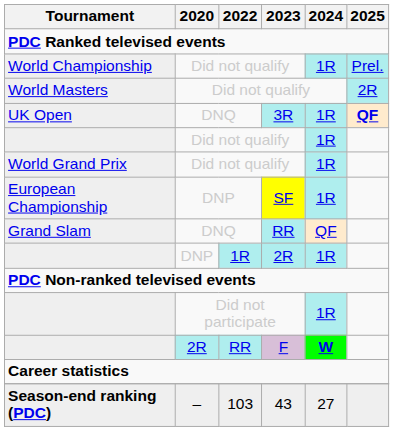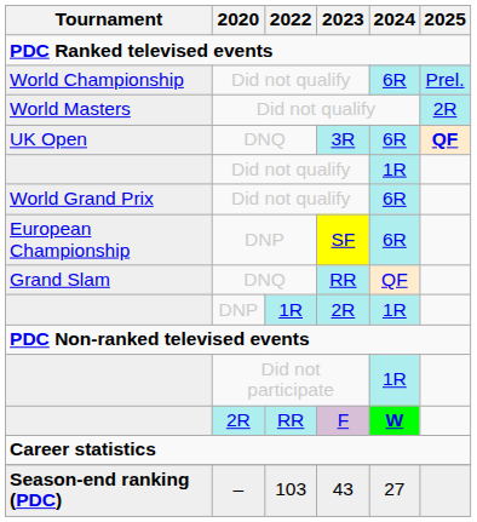 <table class="wikitable" style="width:20%; margin:0">
 <tr>
 <th>Tournament</th>
 <th>2020</th>
 <th>2022</th>
 <th>2023</th>
 <th>2024</th>
 <th>2025</th>
 </tr>
 <tr>
 <td colspan="7" style="text-align:left"><strong><a href='#'>PDC</a> Ranked televised events</strong></td>
 </tr>
 <tr>
 <td style="background:#efefef;"><a href='#'>World Championship</a></td>
 <td colspan="3" style="text-align:center; color:#ccc;">Did not qualify</td>
-<td style="text-align:center; background:#afeeee;"><a href='#'>1R</a></td>
+<td style="text-align:center; background:#afeeee;"><a href='#'>6R</a></td>
 <td style="text-align:center; background:#afeeee;"><a href='#'>Prel.</a></td>
 </tr>
 <tr>
 <td style="background:#efefef;"><a href='#'>World Masters</a></td>
 <td colspan="4" style="text-align:center; color:#ccc;">Did not qualify</td>
 <td style="text-align:center; background:#afeeee;"><a href='#'>2R</a></td>
 </tr>
 <tr>
 <td style="background:#efefef;"><a href='#'>UK Open</a></td>
 <td colspan="2" style="text-align:center; color:#ccc;">DNQ</td>
 <td style="text-align:center; background:#afeeee;"><a href='#'>3R</a></td>
-<td style="text-align:center; background:#afeeee;"><a href='#'>1R</a></td>
+<td style="text-align:center; background:#afeeee;"><a href='#'>6R</a></td>
 <td style="text-align:center; background:#ffebcd;"><strong><a href='#'>QF</a></strong></td>
 </tr>
 <tr>
 <td style="background:#efefef;"></td>
 <td colspan="3" style="text-align:center; color:#ccc;">Did not qualify</td>
 <td style="text-align:center; background:#afeeee;"><a href='#'>1R</a></td>
 <td></td>
 </tr>
 <tr>
 <td style="background:#efefef;"><a href='#'>World Grand Prix</a></td>
 <td colspan="3" style="text-align:center; color:#ccc;">Did not qualify</td>
-<td style="text-align:center; background:#afeeee;"><a href='#'>1R</a></td>
+<td style="text-align:center; background:#afeeee;"><a href='#'>6R</a></td>
 <td></td>
 </tr>
 <tr>
 <td style="background:#efefef;"><a href='#'>European Championship</a></td>
 <td colspan="2" style="text-align:center; color:#ccc;">DNP</td>
 <td style="text-align:center; background:yellow;"><a href='#'>SF</a></td>
-<td style="text-align:center; background:#afeeee;"><a href='#'>1R</a></td>
+<td style="text-align:center; background:#afeeee;"><a href='#'>6R</a></td>
 <td></td>
 </tr>
 <tr>
 <td style="background:#efefef;"><a href='#'>Grand Slam</a></td>
 <td colspan="2" style="text-align:center; color:#ccc;">DNQ</td>
 <td style="text-align:center; background:#afeeee;"><a href='#'>RR</a></td>
 <td style="text-align:center; background:#ffebcd;"><a href='#'>QF</a></td>
 <td></td>
 </tr>
 <tr>
 <td style="background:#efefef;"></td>
 <td style="text-align:center; color:#ccc;">DNP</td>
 <td style="text-align:center; background:#afeeee;"><a href='#'>1R</a></td>
 <td style="text-align:center; background:#afeeee;"><a href='#'>2R</a></td>
 <td style="text-align:center; background:#afeeee;"><a href='#'>1R</a></td>
 <td></td>
 </tr>
 <tr>
 <td colspan="7" style="text-align:left"><strong><a href='#'>PDC</a> Non-ranked televised events</strong></td>
 </tr>
 <tr>
 <td style="background:#efefef;"></td>
 <td colspan="3" style="text-align:center; color:#ccc;">Did not participate</td>
 <td style="text-align:center; background:#afeeee;"><a href='#'>1R</a></td>
 <td></td>
 </tr>
 <tr>
 <td style="background:#efefef;"></td>
 <td style="text-align:center; background:#afeeee;"><a href='#'>2R</a></td>
 <td style="text-align:center; background:#afeeee;"><a href='#'>RR</a></td>
 <td style="text-align:center; background:#D8BFD8;"><a href='#'>F</a></td>
 <td style="text-align:center; background:lime"><a href='#'><strong>W</strong></a></td>
 <td></td>
 </tr>
 <tr>
 <td colspan="7" style="text-align:left"><strong>Career statistics</strong></td>
 </tr>
 <tr>
 </tr>
 <tr style="background:#efefef">
 <td style="text-align:left"><strong>Season-end ranking (<a href='#'>PDC</a>)</strong></td>
 <td style="text-align:center;">–</td>
 <td style="text-align:center;">103</td>
 <td style="text-align:center;">43</td>
 <td style="text-align:center;">27</td>
 <td></td>
 </tr>
 </table>
